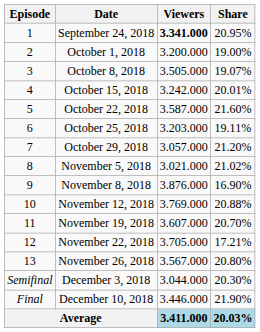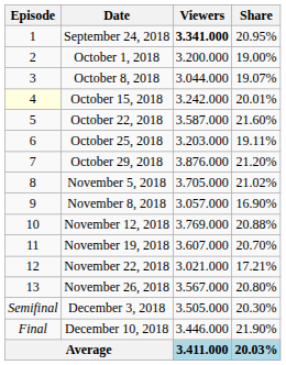 <table class="wikitable" style="text-align:center;">
 <tr>
 <th>Episode</th>
 <th>Date</th>
 <th>Viewers</th>
 <th>Share</th>
 </tr>
 <tr>
 <td>1</td>
 <td>September 24, 2018</td>
 <td><strong>3.341.000</strong></td>
 <td>20.95%</td>
 </tr>
 <tr>
 <td>2</td>
 <td>October 1, 2018</td>
 <td>3.200.000</td>
 <td>19.00%</td>
 </tr>
 <tr>
 <td>3</td>
 <td>October 8, 2018</td>
-<td>3.505.000</td>
+<td>3.044.000</td>
 <td>19.07%</td>
 </tr>
 <tr>
-<td>4</td>
+<td style="background: lightyellow;">4</td>
 <td>October 15, 2018</td>
 <td>3.242.000</td>
 <td>20.01%</td>
 </tr>
 <tr>
 <td>5</td>
 <td>October 22, 2018</td>
 <td>3.587.000</td>
 <td>21.60%</td>
 </tr>
 <tr>
 <td>6</td>
 <td>October 25, 2018</td>
 <td>3.203.000</td>
 <td>19.11%</td>
 </tr>
 <tr>
 <td>7</td>
 <td>October 29, 2018</td>
-<td>3.057.000</td>
+<td>3.876.000</td>
 <td>21.20%</td>
 </tr>
 <tr>
 <td>8</td>
 <td>November 5, 2018</td>
-<td>3.021.000</td>
+<td>3.705.000</td>
 <td>21.02%</td>
 </tr>
 <tr>
 <td>9</td>
 <td>November 8, 2018</td>
-<td>3.876.000</td>
+<td>3.057.000</td>
 <td>16.90%</td>
 </tr>
 <tr>
 <td>10</td>
 <td>November 12, 2018</td>
 <td>3.769.000</td>
 <td>20.88%</td>
 </tr>
 <tr>
 <td>11</td>
 <td>November 19, 2018</td>
 <td>3.607.000</td>
 <td>20.70%</td>
 </tr>
 <tr>
 <td>12</td>
 <td>November 22, 2018</td>
-<td>3.705.000</td>
+<td>3.021.000</td>
 <td>17.21%</td>
 </tr>
 <tr>
 <td>13</td>
 <td>November 26, 2018</td>
 <td>3.567.000</td>
 <td>20.80%</td>
 </tr>
 <tr>
 <td><em>Semifinal</em></td>
 <td>December 3, 2018</td>
-<td>3.044.000</td>
+<td>3.505.000</td>
 <td>20.30%</td>
 </tr>
 <tr>
 <td><em>Final</em></td>
 <td>December 10, 2018</td>
 <td>3.446.000</td>
 <td>21.90%</td>
 </tr>
 <tr>
 <th colspan="2">Average</th>
 <td bgcolor="lightblue"><strong>3.411.000</strong></td>
 <td bgcolor="lightblue"><strong>20.03%</strong></td>
 </tr>
 </table>
